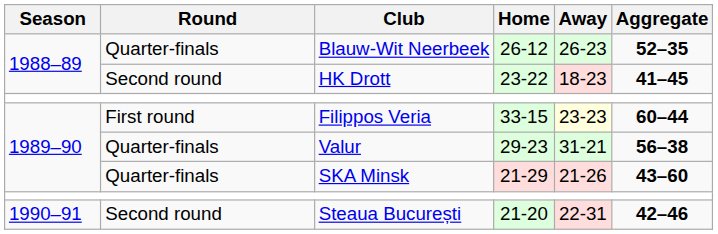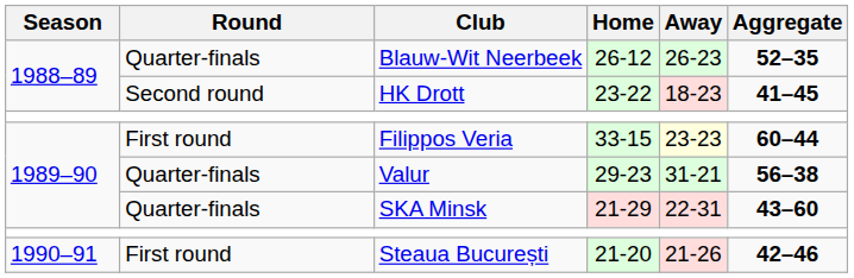 <table class="wikitable">
 <tr>
 <th width=75>Season</th>
 <th width=175>Round</th>
 <th>Club</th>
 <th>Home</th>
 <th>Away</th>
 <th>Aggregate</th>
 </tr>
 <tr>
 <td rowspan=2><a href='#'>1988–89</a></td>
 <td>Quarter-finals</td>
 <td> <a href='#'>Blauw-Wit Neerbeek</a></td>
 <td style="text-align:center; background:#dfd;">26-12</td>
 <td style="text-align:center; background:#dfd;">26-23</td>
 <td style="text-align:center;"><strong>52–35</strong></td>
 </tr>
 <tr>
 <td>Second round</td>
 <td> <a href='#'>HK Drott</a></td>
 <td style="text-align:center; background:#dfd;">23-22</td>
 <td style="text-align:center; background:#fdd;">18-23</td>
 <td style="text-align:center;"><strong>41–45</strong></td>
 </tr>
 <tr>
 <td colspan=7 style="text-align: center;" bgcolor=white></td>
 </tr>
 <tr>
 <td rowspan=3><a href='#'>1989–90</a></td>
 <td>First round</td>
 <td> <a href='#'>Filippos Veria</a></td>
 <td style="text-align:center; background:#dfd;">33-15</td>
 <td style="text-align:center; background:#ffd;">23-23</td>
 <td style="text-align:center;"><strong>60–44</strong></td>
 </tr>
 <tr>
 <td>Quarter-finals</td>
 <td> <a href='#'>Valur</a></td>
 <td style="text-align:center; background:#dfd;">29-23</td>
 <td style="text-align:center; background:#dfd;">31-21</td>
 <td style="text-align:center;"><strong>56–38</strong></td>
 </tr>
 <tr>
 <td>Quarter-finals</td>
 <td> <a href='#'>SKA Minsk</a></td>
 <td style="text-align:center; background:#fdd;">21-29</td>
-<td style="text-align:center; background:#fdd;">21-26</td>
+<td style="text-align:center; background:#fdd;">22-31</td>
 <td style="text-align:center;"><strong>43–60</strong></td>
 </tr>
 <tr>
 <td colspan=7 style="text-align: center;" bgcolor=white></td>
 </tr>
 <tr>
 <td rowspan=1><a href='#'>1990–91</a></td>
-<td>Second round</td>
+<td>First round</td>
 <td> <a href='#'>Steaua București</a></td>
 <td style="text-align:center; background:#dfd;">21-20</td>
-<td style="text-align:center; background:#fdd;">22-31</td>
+<td style="text-align:center; background:#fdd;">21-26</td>
 <td style="text-align:center;"><strong>42–46</strong></td>
 </tr>
 </table>
